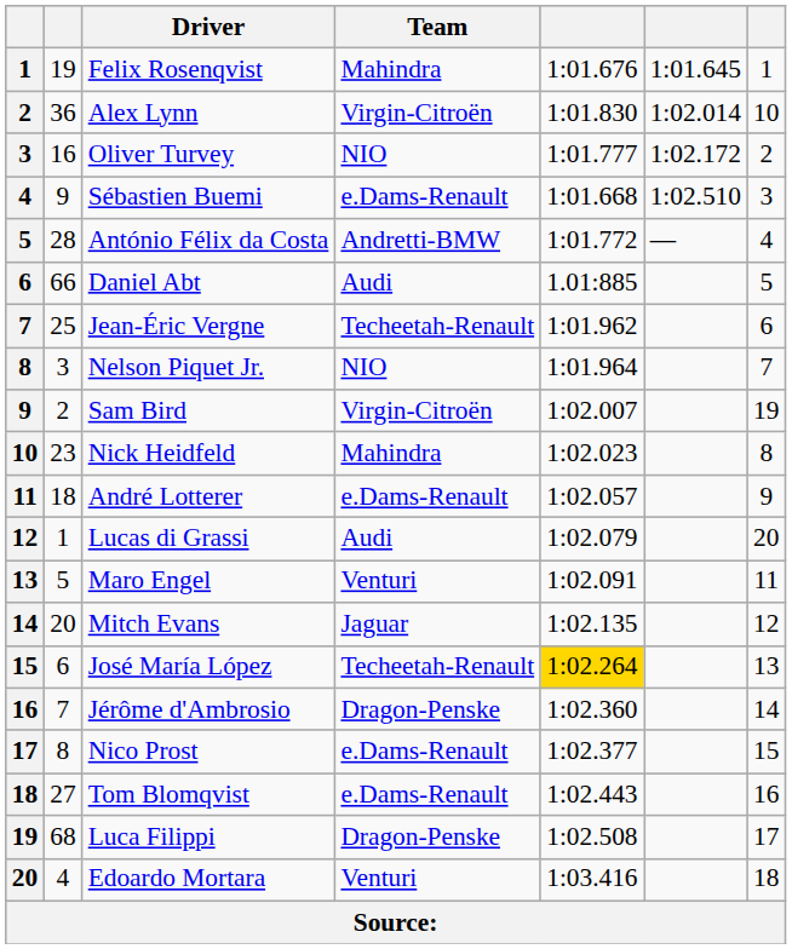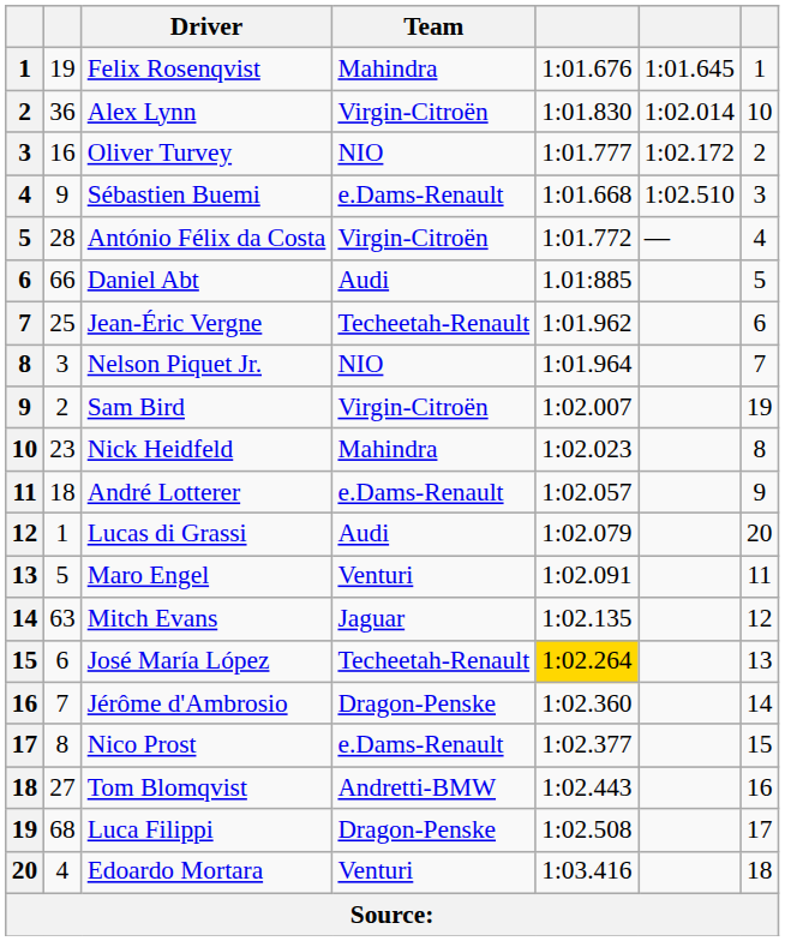 <table class="wikitable sortable" style="font-size: 85%">
 <tr>
 <th scope="col"></th>
 <th scope="col"></th>
 <th scope="col">Driver</th>
 <th scope="col">Team</th>
 <th scope="col"></th>
 <th scope="col"></th>
 <th scope="col"></th>
 </tr>
 <tr>
 <th scope="row">1</th>
 <td align="center">19</td>
 <td data-sort-value="ROS"> <a href='#'>Felix Rosenqvist</a></td>
 <td><a href='#'>Mahindra</a></td>
 <td>1:01.676</td>
 <td>1:01.645</td>
 <td align="center">1</td>
 </tr>
 <tr>
 <th scope="row">2</th>
 <td align="center">36</td>
 <td data-sort-value="LYN"> <a href='#'>Alex Lynn</a></td>
 <td><a href='#'>Virgin-Citroën</a></td>
 <td>1:01.830</td>
 <td>1:02.014</td>
 <td align="center">10</td>
 </tr>
 <tr>
 <th scope="row">3</th>
 <td align="center">16</td>
 <td data-sort-value="TUR"> <a href='#'>Oliver Turvey</a></td>
 <td><a href='#'>NIO</a></td>
 <td>1:01.777</td>
 <td>1:02.172</td>
 <td align="center">2</td>
 </tr>
 <tr>
 <th scope="row">4</th>
 <td align="center">9</td>
 <td data-sort-value="BUE"> <a href='#'>Sébastien Buemi</a></td>
 <td><a href='#'>e.Dams-Renault</a></td>
 <td>1:01.668</td>
 <td>1:02.510</td>
 <td align="center">3</td>
 </tr>
 <tr>
 <th scope="row">5</th>
 <td align="center">28</td>
 <td data-sort-value="FDC"> <a href='#'>António Félix da Costa</a></td>
-<td><a href='#'>Andretti-BMW</a></td>
+<td><a href='#'>Virgin-Citroën</a></td>
 <td>1:01.772</td>
 <td>—</td>
 <td align="center">4</td>
 </tr>
 <tr>
 <th scope="row">6</th>
 <td align="center">66</td>
 <td data-sort-value="ABT"> <a href='#'>Daniel Abt</a></td>
 <td><a href='#'>Audi</a></td>
 <td>1.01:885</td>
 <td></td>
 <td align="center">5</td>
 </tr>
 <tr>
 <th scope="row">7</th>
 <td align="center">25</td>
 <td data-sort-value="VER"> <a href='#'>Jean-Éric Vergne</a></td>
 <td><a href='#'>Techeetah-Renault</a></td>
 <td>1:01.962</td>
 <td></td>
 <td align="center">6</td>
 </tr>
 <tr>
 <th scope="row">8</th>
 <td align="center">3</td>
 <td data-sort-value="PIQ"> <a href='#'>Nelson Piquet Jr.</a></td>
 <td><a href='#'>NIO</a></td>
 <td>1:01.964</td>
 <td></td>
 <td align="center">7</td>
 </tr>
 <tr>
 <th scope="row">9</th>
 <td align="center">2</td>
 <td data-sort-value="BIR"> <a href='#'>Sam Bird</a></td>
 <td><a href='#'>Virgin-Citroën</a></td>
 <td>1:02.007</td>
 <td></td>
 <td align="center">19</td>
 </tr>
 <tr>
 <th scope="row">10</th>
 <td align="center">23</td>
 <td data-sort-value="HEI"> <a href='#'>Nick Heidfeld</a></td>
 <td><a href='#'>Mahindra</a></td>
 <td>1:02.023</td>
 <td></td>
 <td align="center">8</td>
 </tr>
 <tr>
 <th scope="row">11</th>
 <td align="center">18</td>
 <td data-sort-value="LOT"> <a href='#'>André Lotterer</a></td>
 <td><a href='#'>e.Dams-Renault</a></td>
 <td>1:02.057</td>
 <td></td>
 <td align="center">9</td>
 </tr>
 <tr>
 <th scope="row">12</th>
 <td align="center">1</td>
 <td data-sort-value="DIG"> <a href='#'>Lucas di Grassi</a></td>
 <td><a href='#'>Audi</a></td>
 <td>1:02.079</td>
 <td></td>
 <td align="center">20</td>
 </tr>
 <tr>
 <th scope="row">13</th>
 <td align="center">5</td>
 <td data-sort-value="ENG"> <a href='#'>Maro Engel</a></td>
 <td><a href='#'>Venturi</a></td>
 <td>1:02.091</td>
 <td></td>
 <td align="center">11</td>
 </tr>
 <tr>
 <th scope="row">14</th>
-<td align="center">20</td>
+<td align="center">63</td>
 <td data-sort-value="EVA"> <a href='#'>Mitch Evans</a></td>
 <td><a href='#'>Jaguar</a></td>
 <td>1:02.135</td>
 <td></td>
 <td align="center">12</td>
 </tr>
 <tr>
 <th scope="row">15</th>
 <td align="center">6</td>
 <td data-sort-value="LOP"> <a href='#'>José María López</a></td>
 <td><a href='#'>Techeetah-Renault</a></td>
 <td style="background: gold;">1:02.264</td>
 <td></td>
 <td align="center">13</td>
 </tr>
 <tr>
 <th scope="row">16</th>
 <td align="center">7</td>
 <td data-sort-value="DAM"> <a href='#'>Jérôme d'Ambrosio</a></td>
 <td><a href='#'>Dragon-Penske</a></td>
 <td>1:02.360</td>
 <td></td>
 <td align="center">14</td>
 </tr>
 <tr>
 <th scope="row">17</th>
 <td align="center">8</td>
 <td data-sort-value="PRO"> <a href='#'>Nico Prost</a></td>
 <td><a href='#'>e.Dams-Renault</a></td>
 <td>1:02.377</td>
 <td></td>
 <td align="center">15</td>
 </tr>
 <tr>
 <th scope="row">18</th>
 <td align="center">27</td>
 <td data-sort-value="BLO"> <a href='#'>Tom Blomqvist</a></td>
-<td><a href='#'>e.Dams-Renault</a></td>
+<td><a href='#'>Andretti-BMW</a></td>
 <td>1:02.443</td>
 <td></td>
 <td align="center">16</td>
 </tr>
 <tr>
 <th scope="row">19</th>
 <td align="center">68</td>
 <td data-sort-value="FIL"> <a href='#'>Luca Filippi</a></td>
 <td><a href='#'>Dragon-Penske</a></td>
 <td>1:02.508</td>
 <td></td>
 <td align="center">17</td>
 </tr>
 <tr>
 <th scope="row">20</th>
 <td align="center">4</td>
 <td data-sort-value="MOR"> <a href='#'>Edoardo Mortara</a></td>
 <td><a href='#'>Venturi</a></td>
 <td>1:03.416</td>
 <td></td>
 <td align="center">18</td>
 </tr>
 <tr>
 <th colspan="7">Source:</th>
 </tr>
 <tr>
 </tr>
 </table>
